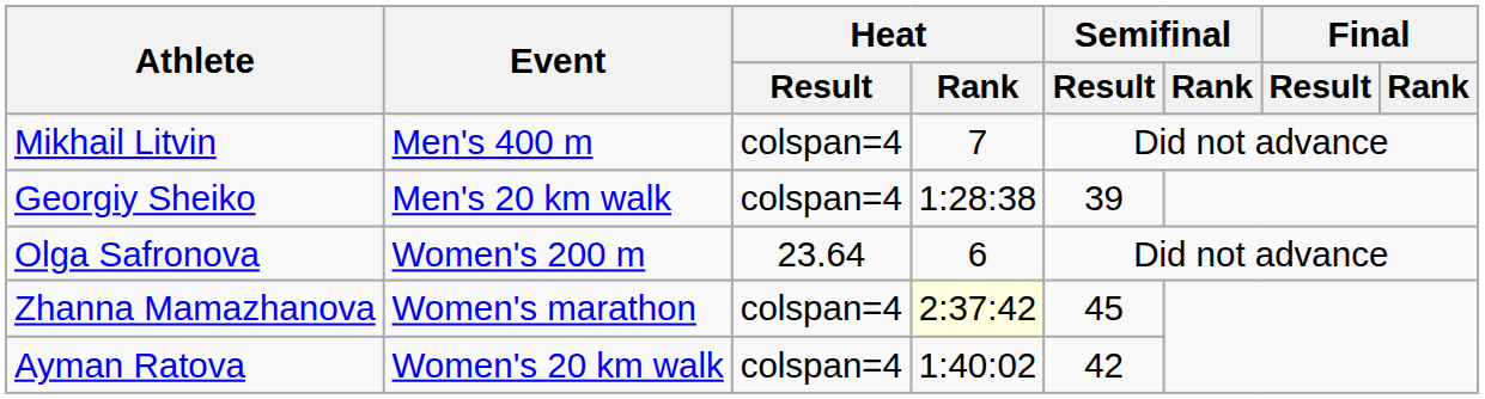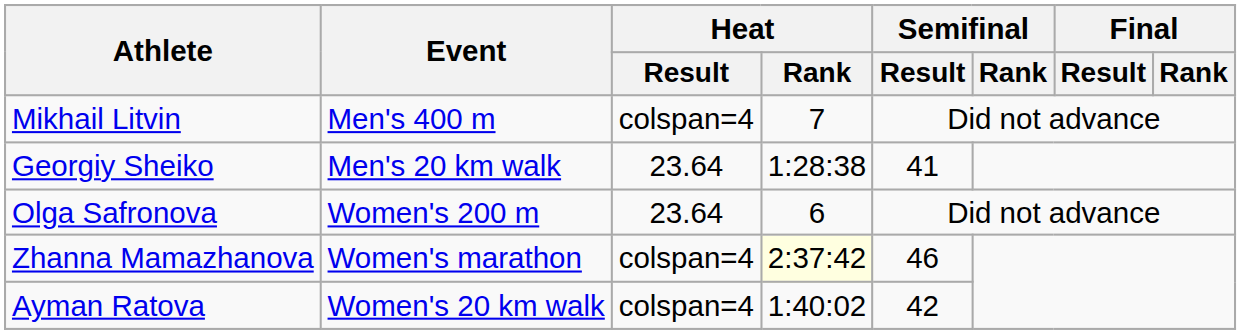 <table class="wikitable" style="font-size:90%">
 <tr>
 <th rowspan="2">Athlete</th>
 <th rowspan="2">Event</th>
 <th colspan="2">Heat</th>
 <th colspan="2">Semifinal</th>
 <th colspan="2">Final</th>
 </tr>
 <tr style="font-size:95%">
 <th>Result</th>
 <th>Rank</th>
 <th>Result</th>
 <th>Rank</th>
 <th>Result</th>
 <th>Rank</th>
 </tr>
 <tr align=center>
 <td align=left><a href='#'>Mikhail Litvin</a></td>
 <td align=left><a href='#'>Men's 400 m</a></td>
 <td>colspan=4 </td>
 <td>7</td>
 <td colspan=4>Did not advance</td>
 </tr>
 <tr align=center>
 <td align=left><a href='#'>Georgiy Sheiko</a></td>
 <td align=left><a href='#'>Men's 20 km walk</a></td>
-<td>colspan=4 </td>
+<td>23.64</td>
 <td>1:28:38</td>
-<td>39</td>
+<td>41</td>
 </tr>
 <tr align=center>
 <td align=left><a href='#'>Olga Safronova</a></td>
 <td align=left><a href='#'>Women's 200 m</a></td>
 <td>23.64</td>
 <td>6</td>
 <td colspan=4>Did not advance</td>
 </tr>
 <tr align=center>
 <td align=left><a href='#'>Zhanna Mamazhanova</a></td>
 <td align=left><a href='#'>Women's marathon</a></td>
 <td>colspan=4 </td>
 <td style="background: lightyellow;">2:37:42</td>
-<td>45</td>
+<td>46</td>
 </tr>
 <tr align=center>
 <td align=left><a href='#'>Ayman Ratova</a></td>
 <td align=left><a href='#'>Women's 20 km walk</a></td>
 <td>colspan=4 </td>
 <td>1:40:02</td>
 <td>42</td>
 </tr>
 </table>
